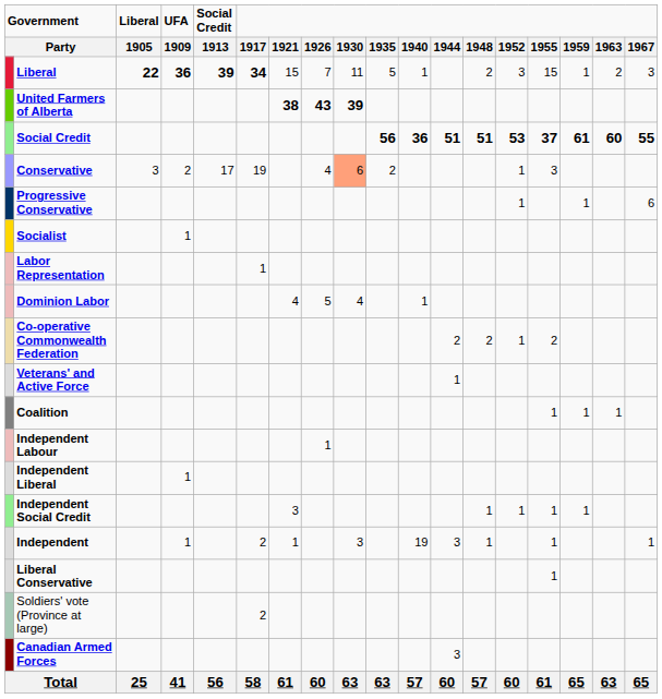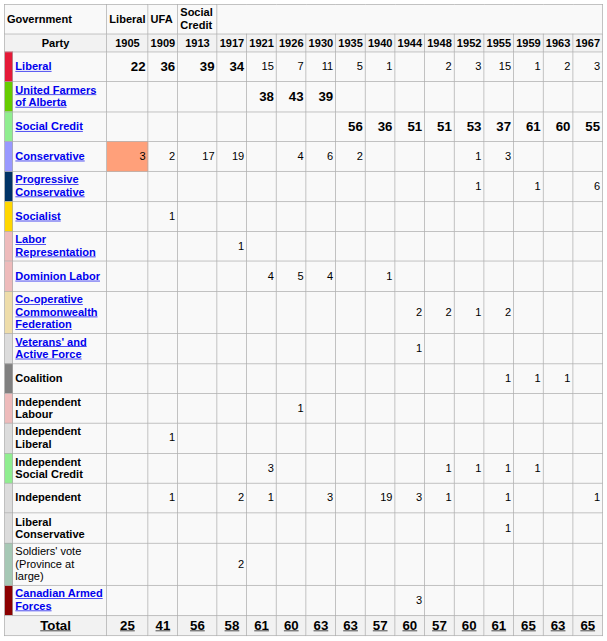 <table class="wikitable">
 <tr>
 <td colspan = "2"><strong>Government</strong></td>
 <td><strong>Liberal</strong></td>
 <td><strong>UFA</strong></td>
 <td><strong>Social Credit</strong></td>
 </tr>
 <tr>
 <th colspan = "2">Party</th>
 <th>1905</th>
 <th>1909</th>
 <th>1913</th>
 <th>1917</th>
 <th>1921</th>
 <th>1926</th>
 <th>1930</th>
 <th>1935</th>
 <th>1940</th>
 <th>1944</th>
 <th>1948</th>
 <th>1952</th>
 <th>1955</th>
 <th>1959</th>
 <th>1963</th>
 <th>1967</th>
 </tr>
 <tr align = "right">
 <td bgcolor="#E51A38">   </td>
 <td align="left"><strong><a href='#'>Liberal</a></strong></td>
 <td><strong><big>22</big></strong></td>
 <td><strong><big>36</big></strong></td>
 <td><strong><big>39</big></strong></td>
 <td><strong><big>34</big></strong></td>
 <td>15</td>
 <td>7</td>
 <td>11</td>
 <td>5</td>
 <td>1</td>
 <td></td>
 <td>2</td>
 <td>3</td>
 <td>15</td>
 <td>1</td>
 <td>2</td>
 <td>3</td>
 </tr>
 <tr align = "right">
 <td bgcolor="#66CC00">   </td>
 <td align="left"><strong><a href='#'>United Farmers of Alberta</a></strong></td>
 <td></td>
 <td></td>
 <td></td>
 <td></td>
 <td><strong><big>38</big></strong></td>
 <td><strong><big>43</big></strong></td>
 <td><strong><big>39</big></strong></td>
 <td></td>
 <td></td>
 <td></td>
 <td></td>
 <td></td>
 <td></td>
 <td></td>
 <td></td>
 <td></td>
 </tr>
 <tr align = "right">
 <td bgcolor="#90EE90">   </td>
 <td align="left"><strong><a href='#'>Social Credit</a></strong></td>
 <td></td>
 <td></td>
 <td></td>
 <td></td>
 <td></td>
 <td></td>
 <td></td>
 <td><strong><big>56</big></strong></td>
 <td><strong><big>36</big></strong></td>
 <td><strong><big>51</big></strong></td>
 <td><strong><big>51</big></strong></td>
 <td><strong><big>53</big></strong></td>
 <td><strong><big>37</big></strong></td>
 <td><strong><big>61</big></strong></td>
 <td><strong><big>60</big></strong></td>
 <td><strong><big>55</big></strong></td>
 </tr>
 <tr align = "right">
 <td bgcolor="#9999FF">   </td>
 <td align="left"><strong><a href='#'>Conservative</a></strong></td>
-<td>3</td>
+<td style="background: lightsalmon;">3</td>
 <td>2</td>
 <td>17</td>
 <td>19</td>
 <td></td>
 <td>4</td>
-<td style="background: lightsalmon;">6</td>
+<td>6</td>
 <td>2</td>
 <td></td>
 <td></td>
 <td></td>
 <td>1</td>
 <td>3</td>
 <td></td>
 <td></td>
 <td></td>
 </tr>
 <tr align = "right">
 <td bgcolor="#003366">   </td>
 <td align="left"><strong><a href='#'>Progressive Conservative</a></strong></td>
 <td></td>
 <td></td>
 <td></td>
 <td></td>
 <td></td>
 <td></td>
 <td></td>
 <td></td>
 <td></td>
 <td></td>
 <td></td>
 <td>1</td>
 <td></td>
 <td>1</td>
 <td></td>
 <td>6</td>
 </tr>
 <tr align = "right">
 <td bgcolor="gold">   </td>
 <td align="left"><strong><a href='#'>Socialist</a></strong></td>
 <td></td>
 <td>1</td>
 <td></td>
 <td></td>
 <td></td>
 <td></td>
 <td></td>
 <td></td>
 <td></td>
 <td></td>
 <td></td>
 <td></td>
 <td></td>
 <td></td>
 <td></td>
 <td></td>
 </tr>
 <tr align = "right">
 <td bgcolor="#EEBBBB">   </td>
 <td align="left"><strong><a href='#'>Labor Representation</a></strong></td>
 <td></td>
 <td></td>
 <td></td>
 <td>1</td>
 <td></td>
 <td></td>
 <td></td>
 <td></td>
 <td></td>
 <td></td>
 <td></td>
 <td></td>
 <td></td>
 <td></td>
 <td></td>
 <td></td>
 </tr>
 <tr align = "right">
 <td bgcolor="#EEBBBB">   </td>
 <td align="left"><strong><a href='#'>Dominion Labor</a></strong></td>
 <td></td>
 <td></td>
 <td></td>
 <td></td>
 <td>4</td>
 <td>5</td>
 <td>4</td>
 <td></td>
 <td>1</td>
 <td></td>
 <td></td>
 <td></td>
 <td></td>
 <td></td>
 <td></td>
 <td></td>
 </tr>
 <tr align = "right">
 <td bgcolor="#EEDDAA">   </td>
 <td align="left"><strong><a href='#'>Co-operative Commonwealth Federation</a></strong></td>
 <td></td>
 <td></td>
 <td></td>
 <td></td>
 <td></td>
 <td></td>
 <td></td>
 <td></td>
 <td></td>
 <td>2</td>
 <td>2</td>
 <td>1</td>
 <td>2</td>
 <td></td>
 <td></td>
 <td></td>
 </tr>
 <tr align = "right">
 <td bgcolor="#DCDCDC">   </td>
 <td align="left"><strong><a href='#'>Veterans' and Active Force</a></strong></td>
 <td></td>
 <td></td>
 <td></td>
 <td></td>
 <td></td>
 <td></td>
 <td></td>
 <td></td>
 <td></td>
 <td>1</td>
 <td></td>
 <td></td>
 <td></td>
 <td></td>
 <td></td>
 <td></td>
 </tr>
 <tr align = "right">
 <td bgcolor="#808080">   </td>
 <td align="left"><strong>Coalition</strong></td>
 <td></td>
 <td></td>
 <td></td>
 <td></td>
 <td></td>
 <td></td>
 <td></td>
 <td></td>
 <td></td>
 <td></td>
 <td></td>
 <td></td>
 <td>1</td>
 <td>1</td>
 <td>1</td>
 <td></td>
 </tr>
 <tr align = "right">
 <td bgcolor="#EEBBBB">   </td>
 <td align="left"><strong>Independent Labour</strong></td>
 <td></td>
 <td></td>
 <td></td>
 <td></td>
 <td></td>
 <td>1</td>
 <td></td>
 <td></td>
 <td></td>
 <td></td>
 <td></td>
 <td></td>
 <td></td>
 <td></td>
 <td></td>
 <td></td>
 </tr>
 <tr align = "right">
 <td bgcolor="#DCDCDC">   </td>
 <td align="left"><strong>Independent Liberal</strong></td>
 <td></td>
 <td>1</td>
 <td></td>
 <td></td>
 <td></td>
 <td></td>
 <td></td>
 <td></td>
 <td></td>
 <td></td>
 <td></td>
 <td></td>
 <td></td>
 <td></td>
 <td></td>
 <td></td>
 </tr>
 <tr align = "right">
 <td bgcolor="#90EE90">   </td>
 <td align="left"><strong>Independent Social Credit</strong></td>
 <td></td>
 <td></td>
 <td></td>
 <td></td>
 <td>3</td>
 <td></td>
 <td></td>
 <td></td>
 <td></td>
 <td></td>
 <td>1</td>
 <td>1</td>
 <td>1</td>
 <td>1</td>
 <td></td>
 <td></td>
 </tr>
 <tr align = "right">
 <td bgcolor="#DCDCDC">   </td>
 <td align="left"><strong>Independent</strong></td>
 <td></td>
 <td>1</td>
 <td></td>
 <td>2</td>
 <td>1</td>
 <td></td>
 <td>3</td>
 <td></td>
 <td>19</td>
 <td>3</td>
 <td>1</td>
 <td></td>
 <td>1</td>
 <td></td>
 <td></td>
 <td>1</td>
 </tr>
 <tr align = "right">
 <td bgcolor="#DCDCDC">   </td>
 <td align="left"><strong>Liberal Conservative</strong></td>
 <td></td>
 <td></td>
 <td></td>
 <td></td>
 <td></td>
 <td></td>
 <td></td>
 <td></td>
 <td></td>
 <td></td>
 <td></td>
 <td></td>
 <td>1</td>
 <td></td>
 <td></td>
 <td></td>
 </tr>
 <tr align = "right">
 <td bgcolor="#A6C8B5">   </td>
 <td align="left">Soldiers' vote (Province at large)</td>
 <td></td>
 <td></td>
 <td></td>
 <td>2</td>
 <td></td>
 <td></td>
 <td></td>
 <td></td>
 <td></td>
 <td></td>
 <td></td>
 <td></td>
 <td></td>
 <td></td>
 <td></td>
 <td></td>
 </tr>
 <tr align = "right">
 <td bgcolor="#8B0000">   </td>
 <td align="left"><strong><a href='#'>Canadian Armed Forces</a></strong></td>
 <td></td>
 <td></td>
 <td></td>
 <td></td>
 <td></td>
 <td></td>
 <td></td>
 <td></td>
 <td></td>
 <td>3</td>
 <td></td>
 <td></td>
 <td></td>
 <td></td>
 <td></td>
 <td></td>
 </tr>
 <tr align = "right">
 <th colspan="2" align="left"><strong><big><u>Total</u></big></strong></th>
 <th><big><strong><u>25</u></strong></big></th>
 <th><big><strong><u>41</u></strong></big></th>
 <th><big><strong><u>56</u></strong></big></th>
 <th><big><strong><u>58</u></strong></big></th>
 <th><big><strong><u>61</u></strong></big></th>
 <th><big><strong><u>60</u></strong></big></th>
 <th><big><strong><u>63</u></strong></big></th>
 <th><big><strong><u>63</u></strong></big></th>
 <th><big><strong><u>57</u></strong></big></th>
 <th><big><strong><u>60</u></strong></big></th>
 <th><big><strong><u>57</u></strong></big></th>
 <th><big><strong><u>60</u></strong></big></th>
 <th><big><strong><u>61</u></strong></big></th>
 <th><big><strong><u>65</u></strong></big></th>
 <th><big><strong><u>63</u></strong></big></th>
 <th><big><strong><u>65</u></strong></big></th>
 </tr>
 </table>
